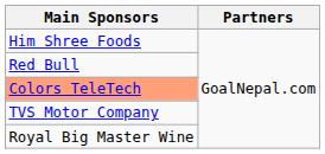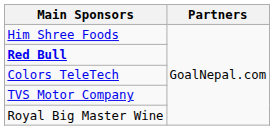 <table class="wikitable">
 <tr>
 <th>Main Sponsors</th>
 <th>Partners</th>
 </tr>
 <tr>
 <td><a href='#'>Him Shree Foods</a></td>
 <td rowspan=5>GoalNepal.com</td>
 </tr>
 <tr>
-<td><a href='#'>Red Bull</a></td>
+<td><strong><a href='#'>Red Bull</a></strong></td>
 </tr>
 <tr>
-<td style="background: lightsalmon;"><a href='#'>Colors TeleTech</a></td>
+<td><a href='#'>Colors TeleTech</a></td>
 </tr>
 <tr>
 <td><a href='#'>TVS Motor Company</a></td>
 </tr>
 <tr>
 <td>Royal Big Master Wine</td>
 </tr>
 </table>
